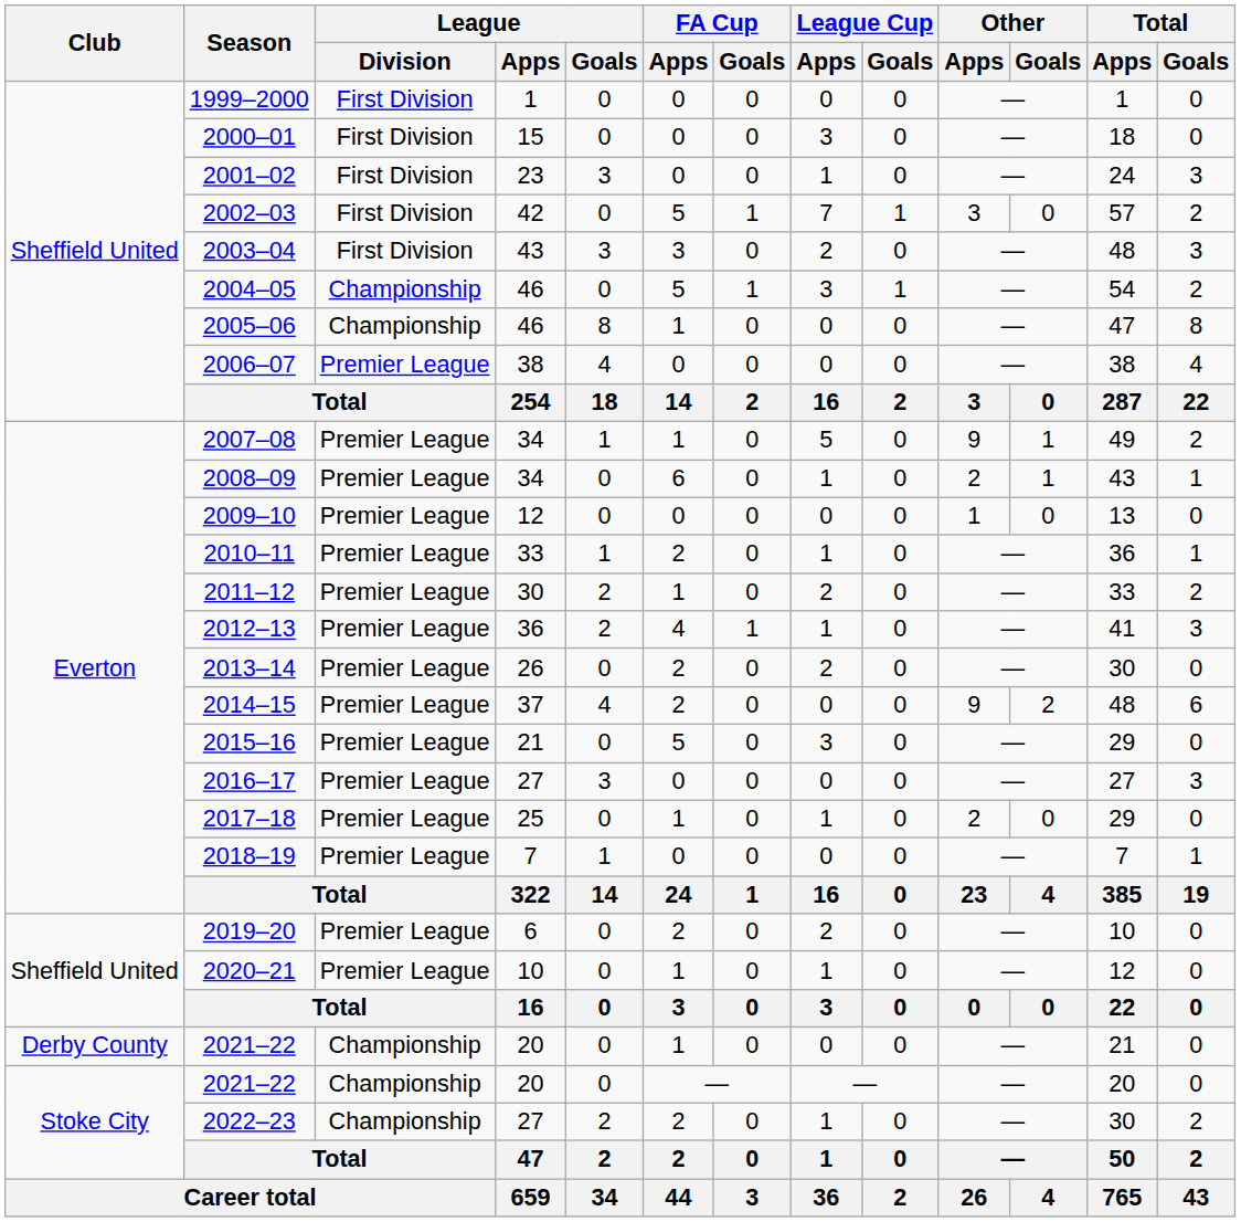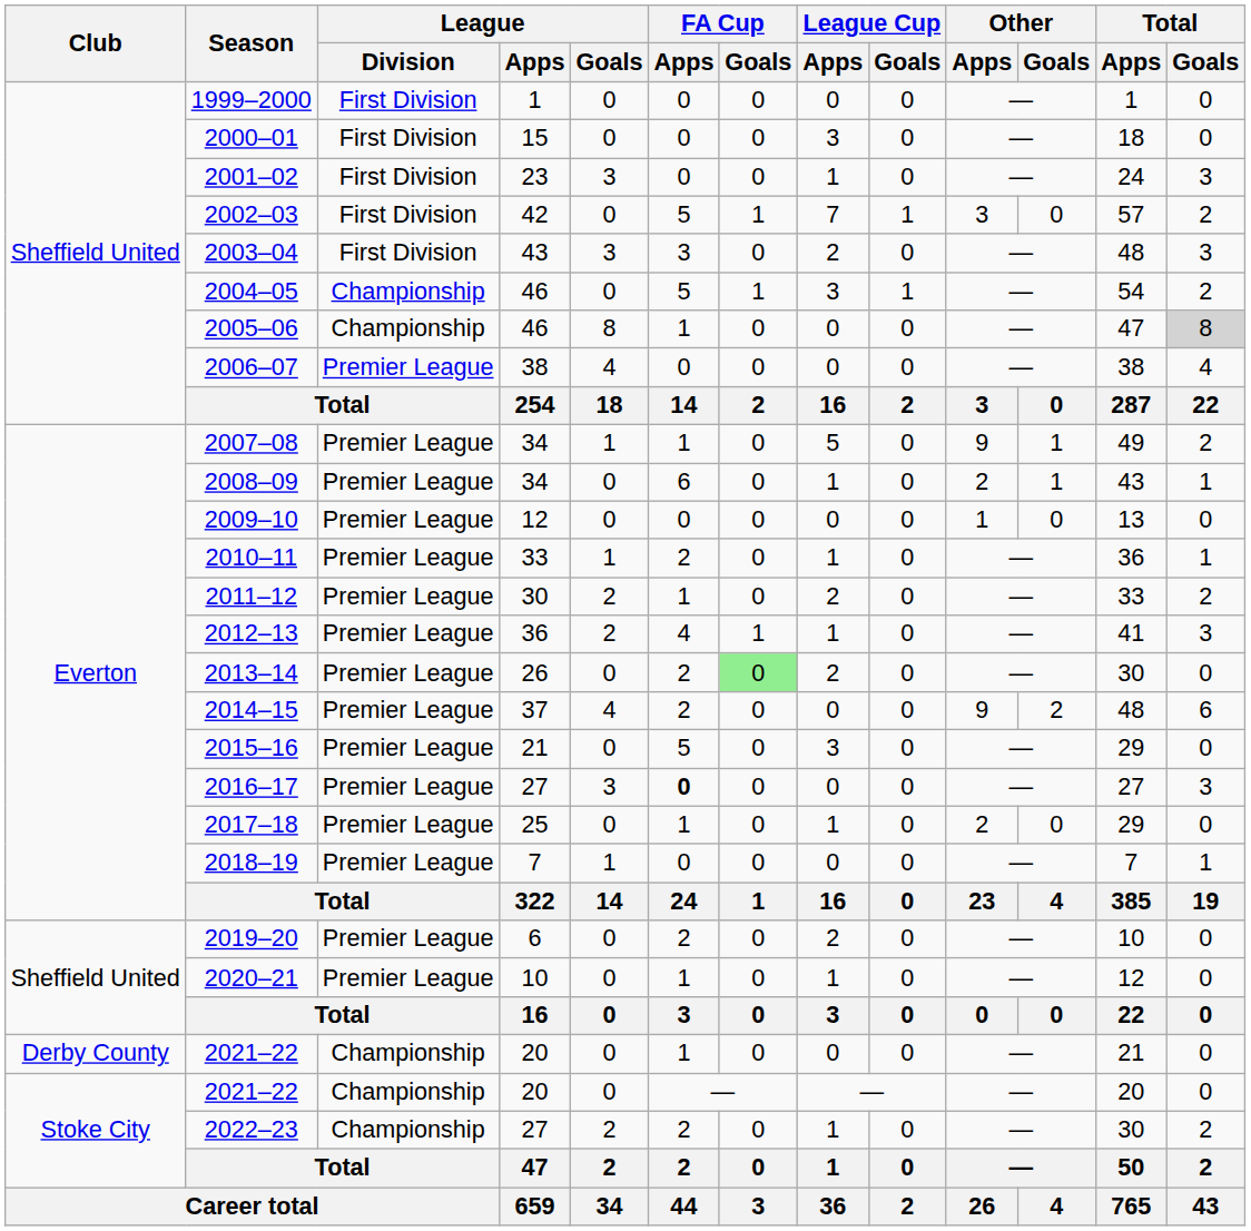 <table class="wikitable" style="text-align: center;">
 <tr>
 <th rowspan=2>Club</th>
 <th rowspan=2>Season</th>
 <th colspan=3>League</th>
 <th colspan=2><a href='#'>FA Cup</a></th>
 <th colspan=2><a href='#'>League Cup</a></th>
 <th colspan=2>Other</th>
 <th colspan=2>Total</th>
 </tr>
 <tr>
 <th>Division</th>
 <th>Apps</th>
 <th>Goals</th>
 <th>Apps</th>
 <th>Goals</th>
 <th>Apps</th>
 <th>Goals</th>
 <th>Apps</th>
 <th>Goals</th>
 <th>Apps</th>
 <th>Goals</th>
 </tr>
 <tr>
 <td rowspan=9><a href='#'>Sheffield United</a></td>
 <td><a href='#'>1999–2000</a></td>
 <td><a href='#'>First Division</a></td>
 <td>1</td>
 <td>0</td>
 <td>0</td>
 <td>0</td>
 <td>0</td>
 <td>0</td>
 <td colspan=2>—</td>
 <td>1</td>
 <td>0</td>
 </tr>
 <tr>
 <td><a href='#'>2000–01</a></td>
 <td>First Division</td>
 <td>15</td>
 <td>0</td>
 <td>0</td>
 <td>0</td>
 <td>3</td>
 <td>0</td>
 <td colspan=2>—</td>
 <td>18</td>
 <td>0</td>
 </tr>
 <tr>
 <td><a href='#'>2001–02</a></td>
 <td>First Division</td>
 <td>23</td>
 <td>3</td>
 <td>0</td>
 <td>0</td>
 <td>1</td>
 <td>0</td>
 <td colspan=2>—</td>
 <td>24</td>
 <td>3</td>
 </tr>
 <tr>
 <td><a href='#'>2002–03</a></td>
 <td>First Division</td>
 <td>42</td>
 <td>0</td>
 <td>5</td>
 <td>1</td>
 <td>7</td>
 <td>1</td>
 <td>3</td>
 <td>0</td>
 <td>57</td>
 <td>2</td>
 </tr>
 <tr>
 <td><a href='#'>2003–04</a></td>
 <td>First Division</td>
 <td>43</td>
 <td>3</td>
 <td>3</td>
 <td>0</td>
 <td>2</td>
 <td>0</td>
 <td colspan=2>—</td>
 <td>48</td>
 <td>3</td>
 </tr>
 <tr>
 <td><a href='#'>2004–05</a></td>
 <td><a href='#'>Championship</a></td>
 <td>46</td>
 <td>0</td>
 <td>5</td>
 <td>1</td>
 <td>3</td>
 <td>1</td>
 <td colspan=2>—</td>
 <td>54</td>
 <td>2</td>
 </tr>
 <tr>
 <td><a href='#'>2005–06</a></td>
 <td>Championship</td>
 <td>46</td>
 <td>8</td>
 <td>1</td>
 <td>0</td>
 <td>0</td>
 <td>0</td>
 <td colspan=2>—</td>
 <td>47</td>
-<td>8</td>
+<td style="background: lightgrey;">8</td>
 </tr>
 <tr>
 <td><a href='#'>2006–07</a></td>
 <td><a href='#'>Premier League</a></td>
 <td>38</td>
 <td>4</td>
 <td>0</td>
 <td>0</td>
 <td>0</td>
 <td>0</td>
 <td colspan=2>—</td>
 <td>38</td>
 <td>4</td>
 </tr>
 <tr>
 <th colspan=2>Total</th>
 <th>254</th>
 <th>18</th>
 <th>14</th>
 <th>2</th>
 <th>16</th>
 <th>2</th>
 <th>3</th>
 <th>0</th>
 <th>287</th>
 <th>22</th>
 </tr>
 <tr>
 <td rowspan=13><a href='#'>Everton</a></td>
 <td><a href='#'>2007–08</a></td>
 <td>Premier League</td>
 <td>34</td>
 <td>1</td>
 <td>1</td>
 <td>0</td>
 <td>5</td>
 <td>0</td>
 <td>9</td>
 <td>1</td>
 <td>49</td>
 <td>2</td>
 </tr>
 <tr>
 <td><a href='#'>2008–09</a></td>
 <td>Premier League</td>
 <td>34</td>
 <td>0</td>
 <td>6</td>
 <td>0</td>
 <td>1</td>
 <td>0</td>
 <td>2</td>
 <td>1</td>
 <td>43</td>
 <td>1</td>
 </tr>
 <tr>
 <td><a href='#'>2009–10</a></td>
 <td>Premier League</td>
 <td>12</td>
 <td>0</td>
 <td>0</td>
 <td>0</td>
 <td>0</td>
 <td>0</td>
 <td>1</td>
 <td>0</td>
 <td>13</td>
 <td>0</td>
 </tr>
 <tr>
 <td><a href='#'>2010–11</a></td>
 <td>Premier League</td>
 <td>33</td>
 <td>1</td>
 <td>2</td>
 <td>0</td>
 <td>1</td>
 <td>0</td>
 <td colspan=2>—</td>
 <td>36</td>
 <td>1</td>
 </tr>
 <tr>
 <td><a href='#'>2011–12</a></td>
 <td>Premier League</td>
 <td>30</td>
 <td>2</td>
 <td>1</td>
 <td>0</td>
 <td>2</td>
 <td>0</td>
 <td colspan=2>—</td>
 <td>33</td>
 <td>2</td>
 </tr>
 <tr>
 <td><a href='#'>2012–13</a></td>
 <td>Premier League</td>
 <td>36</td>
 <td>2</td>
 <td>4</td>
 <td>1</td>
 <td>1</td>
 <td>0</td>
 <td colspan=2>—</td>
 <td>41</td>
 <td>3</td>
 </tr>
 <tr>
 <td><a href='#'>2013–14</a></td>
 <td>Premier League</td>
 <td>26</td>
 <td>0</td>
 <td>2</td>
-<td>0</td>
+<td style="background: lightgreen;">0</td>
 <td>2</td>
 <td>0</td>
 <td colspan=2>—</td>
 <td>30</td>
 <td>0</td>
 </tr>
 <tr>
 <td><a href='#'>2014–15</a></td>
 <td>Premier League</td>
 <td>37</td>
 <td>4</td>
 <td>2</td>
 <td>0</td>
 <td>0</td>
 <td>0</td>
 <td>9</td>
 <td>2</td>
 <td>48</td>
 <td>6</td>
 </tr>
 <tr>
 <td><a href='#'>2015–16</a></td>
 <td>Premier League</td>
 <td>21</td>
 <td>0</td>
 <td>5</td>
 <td>0</td>
 <td>3</td>
 <td>0</td>
 <td colspan=2>—</td>
 <td>29</td>
 <td>0</td>
 </tr>
 <tr>
 <td><a href='#'>2016–17</a></td>
 <td>Premier League</td>
 <td>27</td>
 <td>3</td>
-<td>0</td>
+<td><strong>0</strong></td>
 <td>0</td>
 <td>0</td>
 <td>0</td>
 <td colspan=2>—</td>
 <td>27</td>
 <td>3</td>
 </tr>
 <tr>
 <td><a href='#'>2017–18</a></td>
 <td>Premier League</td>
 <td>25</td>
 <td>0</td>
 <td>1</td>
 <td>0</td>
 <td>1</td>
 <td>0</td>
 <td>2</td>
 <td>0</td>
 <td>29</td>
 <td>0</td>
 </tr>
 <tr>
 <td><a href='#'>2018–19</a></td>
 <td>Premier League</td>
 <td>7</td>
 <td>1</td>
 <td>0</td>
 <td>0</td>
 <td>0</td>
 <td>0</td>
 <td colspan=2>—</td>
 <td>7</td>
 <td>1</td>
 </tr>
 <tr>
 <th colspan=2>Total</th>
 <th>322</th>
 <th>14</th>
 <th>24</th>
 <th>1</th>
 <th>16</th>
 <th>0</th>
 <th>23</th>
 <th>4</th>
 <th>385</th>
 <th>19</th>
 </tr>
 <tr>
 <td rowspan=3>Sheffield United</td>
 <td><a href='#'>2019–20</a></td>
 <td>Premier League</td>
 <td>6</td>
 <td>0</td>
 <td>2</td>
 <td>0</td>
 <td>2</td>
 <td>0</td>
 <td colspan=2>—</td>
 <td>10</td>
 <td>0</td>
 </tr>
 <tr>
 <td><a href='#'>2020–21</a></td>
 <td>Premier League</td>
 <td>10</td>
 <td>0</td>
 <td>1</td>
 <td>0</td>
 <td>1</td>
 <td>0</td>
 <td colspan=2>—</td>
 <td>12</td>
 <td>0</td>
 </tr>
 <tr>
 <th colspan=2>Total</th>
 <th>16</th>
 <th>0</th>
 <th>3</th>
 <th>0</th>
 <th>3</th>
 <th>0</th>
 <th>0</th>
 <th>0</th>
 <th>22</th>
 <th>0</th>
 </tr>
 <tr>
 <td><a href='#'>Derby County</a></td>
 <td><a href='#'>2021–22</a></td>
 <td>Championship</td>
 <td>20</td>
 <td>0</td>
 <td>1</td>
 <td>0</td>
 <td>0</td>
 <td>0</td>
 <td colspan=2>—</td>
 <td>21</td>
 <td>0</td>
 </tr>
 <tr>
 <td rowspan=3><a href='#'>Stoke City</a></td>
 <td><a href='#'>2021–22</a></td>
 <td>Championship</td>
 <td>20</td>
 <td>0</td>
 <td colspan=2>—</td>
 <td colspan=2>—</td>
 <td colspan=2>—</td>
 <td>20</td>
 <td>0</td>
 </tr>
 <tr>
 <td><a href='#'>2022–23</a></td>
 <td>Championship</td>
 <td>27</td>
 <td>2</td>
 <td>2</td>
 <td>0</td>
 <td>1</td>
 <td>0</td>
 <td colspan=2>—</td>
 <td>30</td>
 <td>2</td>
 </tr>
 <tr>
 <th colspan=2>Total</th>
 <th>47</th>
 <th>2</th>
 <th>2</th>
 <th>0</th>
 <th>1</th>
 <th>0</th>
 <th colspan=2>—</th>
 <th>50</th>
 <th>2</th>
 </tr>
 <tr>
 <th colspan=3>Career total</th>
 <th>659</th>
 <th>34</th>
 <th>44</th>
 <th>3</th>
 <th>36</th>
 <th>2</th>
 <th>26</th>
 <th>4</th>
 <th>765</th>
 <th>43</th>
 </tr>
 </table>
